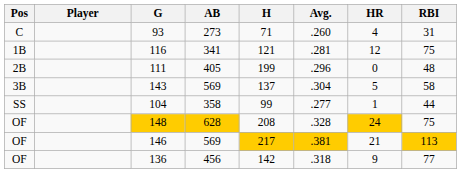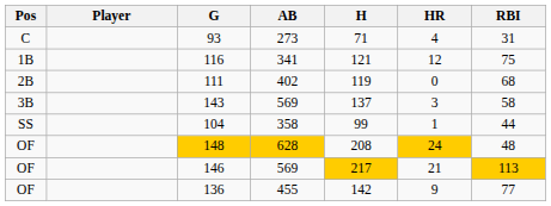 <table class="wikitable sortable">
 <tr>
 <th bgcolor="#DDDDFF" width="5%">Pos</th>
 <th bgcolor="#DDDDFF" width="16%">Player</th>
 <th bgcolor="#DDDDFF" width="9%">G</th>
 <th bgcolor="#DDDDFF" width="9%">AB</th>
 <th bgcolor="#DDDDFF" width="9%">H</th>
-<th bgcolor="#DDDDFF" width="9%">Avg.</th>
 <th bgcolor="#DDDDFF" width="9%">HR</th>
 <th bgcolor="#DDDDFF" width="9%">RBI</th>
 </tr>
 <tr align="center">
 <td>C</td>
 <td></td>
 <td>93</td>
 <td>273</td>
 <td>71</td>
-<td>.260</td>
 <td>4</td>
 <td>31</td>
 </tr>
 <tr align="center">
 <td>1B</td>
 <td></td>
 <td>116</td>
 <td>341</td>
 <td>121</td>
-<td>.281</td>
 <td>12</td>
 <td>75</td>
 </tr>
 <tr align="center">
 <td>2B</td>
 <td></td>
 <td>111</td>
-<td>405</td>
-<td>199</td>
-<td>.296</td>
+<td>402</td>
+<td>119</td>
 <td>0</td>
-<td>48</td>
+<td>68</td>
 </tr>
 <tr align="center">
 <td>3B</td>
 <td></td>
 <td>143</td>
 <td>569</td>
 <td>137</td>
-<td>.304</td>
-<td>5</td>
+<td>3</td>
 <td>58</td>
 </tr>
 <tr align="center">
 <td>SS</td>
 <td></td>
 <td>104</td>
 <td>358</td>
 <td>99</td>
-<td>.277</td>
 <td>1</td>
 <td>44</td>
 </tr>
 <tr align="center">
 <td>OF</td>
 <td></td>
 <td style="background:#fc0;">148</td>
 <td style="background:#fc0;">628</td>
 <td>208</td>
-<td>.328</td>
 <td style="background:#fc0;">24</td>
-<td>75</td>
+<td>48</td>
 </tr>
 <tr align="center">
 <td>OF</td>
 <td></td>
 <td>146</td>
 <td>569</td>
 <td style="background:#fc0;">217</td>
-<td style="background:#fc0;">.381</td>
 <td>21</td>
 <td style="background:#fc0;">113</td>
 </tr>
 <tr align="center">
 <td>OF</td>
 <td></td>
 <td>136</td>
-<td>456</td>
+<td>455</td>
 <td>142</td>
-<td>.318</td>
 <td>9</td>
 <td>77</td>
 </tr>
 </table>
